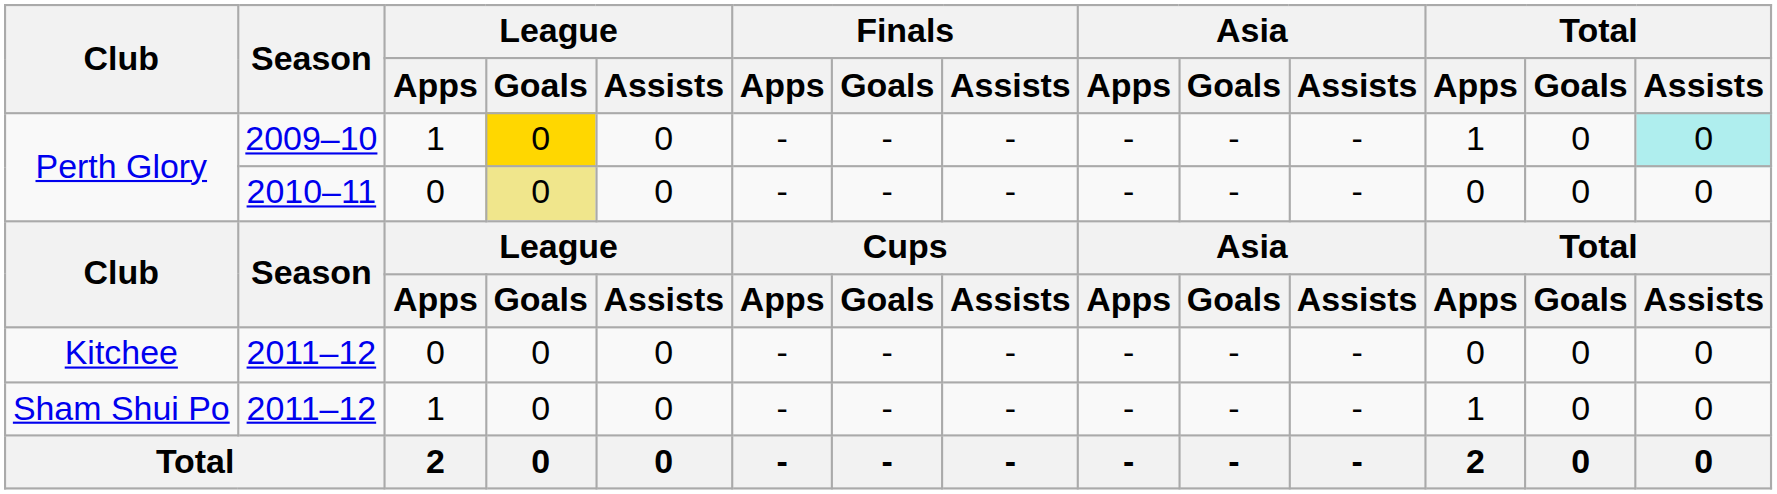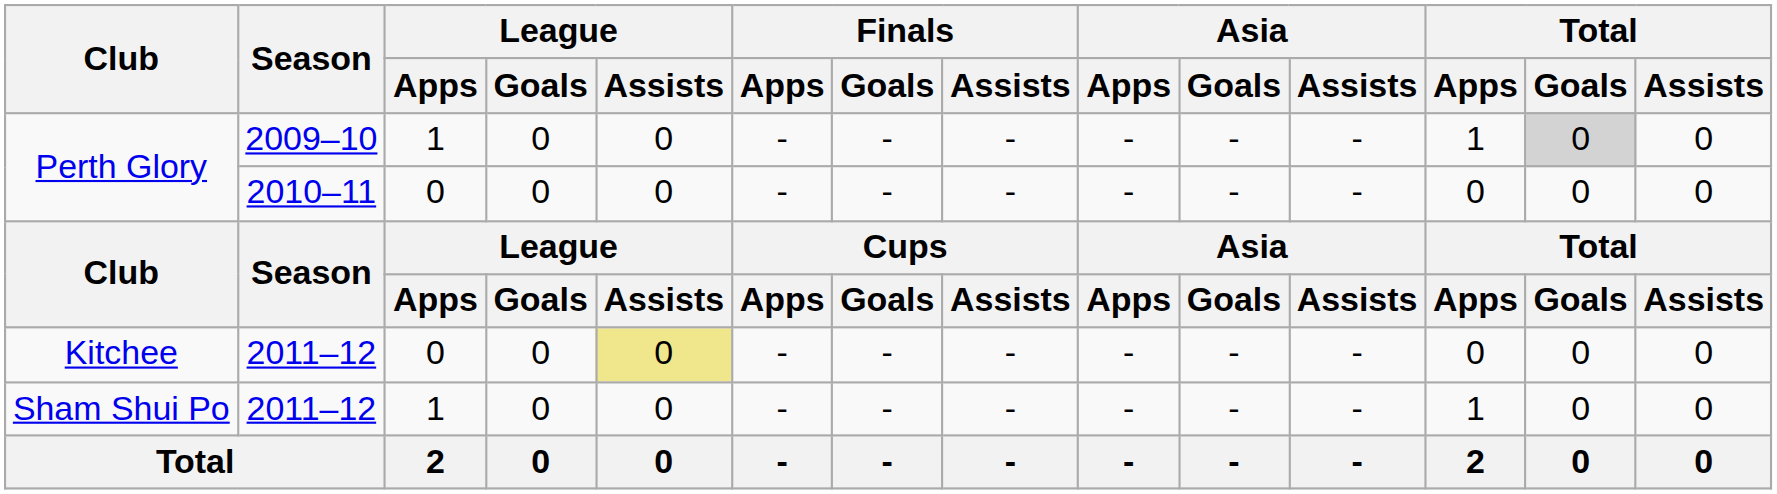 <table class="wikitable" style="text-align: center;">
 <tr>
 <th rowspan="2">Club</th>
 <th rowspan="2">Season</th>
 <th colspan="3">League</th>
 <th colspan="3">Finals</th>
 <th colspan="3">Asia</th>
 <th colspan="3">Total</th>
 </tr>
 <tr>
 <th>Apps</th>
 <th>Goals</th>
 <th>Assists</th>
 <th>Apps</th>
 <th>Goals</th>
 <th>Assists</th>
 <th>Apps</th>
 <th>Goals</th>
 <th>Assists</th>
 <th>Apps</th>
 <th>Goals</th>
 <th>Assists</th>
 </tr>
 <tr>
 <td rowspan="2" valign="center"><a href='#'>Perth Glory</a></td>
 <td><a href='#'>2009–10</a></td>
 <td>1</td>
-<td style="background: gold;">0</td>
+<td>0</td>
 <td>0</td>
 <td>-</td>
 <td>-</td>
 <td>-</td>
 <td>-</td>
 <td>-</td>
 <td>-</td>
 <td>1</td>
+<td style="background: lightgrey;">0</td>
 <td>0</td>
-<td style="background: paleturquoise;">0</td>
 </tr>
 <tr>
 <td><a href='#'>2010–11</a></td>
 <td>0</td>
-<td style="background: khaki;">0</td>
+<td>0</td>
 <td>0</td>
 <td>-</td>
 <td>-</td>
 <td>-</td>
 <td>-</td>
 <td>-</td>
 <td>-</td>
 <td>0</td>
 <td>0</td>
 <td>0</td>
 </tr>
 <tr>
 <th rowspan="2">Club</th>
 <th rowspan="2">Season</th>
 <th colspan="3">League</th>
 <th colspan="3">Cups</th>
 <th colspan="3">Asia</th>
 <th colspan="3">Total</th>
 </tr>
 <tr>
 <th>Apps</th>
 <th>Goals</th>
 <th>Assists</th>
 <th>Apps</th>
 <th>Goals</th>
 <th>Assists</th>
 <th>Apps</th>
 <th>Goals</th>
 <th>Assists</th>
 <th>Apps</th>
 <th>Goals</th>
 <th>Assists</th>
 </tr>
 <tr>
 <td><a href='#'>Kitchee</a></td>
 <td><a href='#'>2011–12</a></td>
 <td>0</td>
 <td>0</td>
-<td>0</td>
+<td style="background: khaki;">0</td>
 <td>-</td>
 <td>-</td>
 <td>-</td>
 <td>-</td>
 <td>-</td>
 <td>-</td>
 <td>0</td>
 <td>0</td>
 <td>0</td>
 </tr>
 <tr>
 <td><a href='#'>Sham Shui Po</a></td>
 <td><a href='#'>2011–12</a></td>
 <td>1</td>
 <td>0</td>
 <td>0</td>
 <td>-</td>
 <td>-</td>
 <td>-</td>
 <td>-</td>
 <td>-</td>
 <td>-</td>
 <td>1</td>
 <td>0</td>
 <td>0</td>
 </tr>
 <tr>
 <th colspan="2">Total</th>
 <th>2</th>
 <th>0</th>
 <th>0</th>
 <th>-</th>
 <th>-</th>
 <th>-</th>
 <th>-</th>
 <th>-</th>
 <th>-</th>
 <th>2</th>
 <th>0</th>
 <th>0</th>
 </tr>
 </table>
